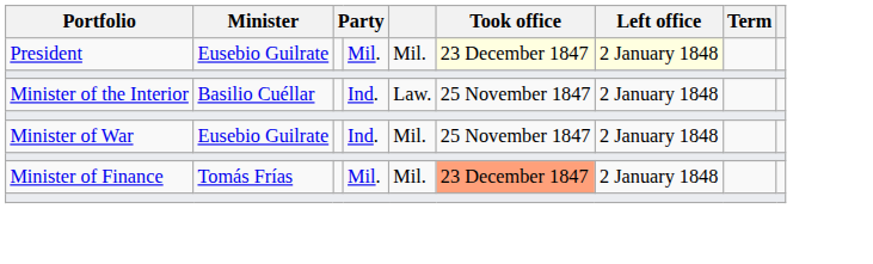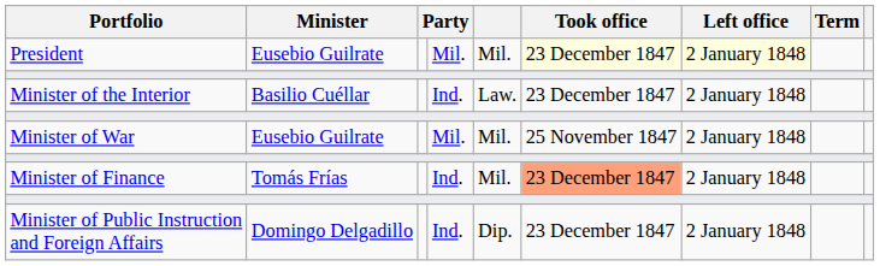 <table class="wikitable" style="font-size: 90%;">
 <tr>
 <th>Portfolio</th>
 <th>Minister</th>
 <th colspan="2">Party</th>
 <th></th>
 <th>Took office</th>
 <th>Left office</th>
 <th>Term</th>
 <th></th>
 </tr>
 <tr>
 <td><a href='#'>President</a></td>
 <td><a href='#'>Eusebio Guilrate</a></td>
 <td style="background-color:"></td>
 <td><a href='#'>Mil</a>.</td>
 <td>Mil.</td>
 <td style="background-color:#FFFFE0;">23 December 1847</td>
 <td style="background-color:#FFFFE0;">2 January 1848</td>
 <td></td>
 <td></td>
 </tr>
 <tr>
 <td colspan="9" bgcolor="#EAECF0"></td>
 </tr>
 <tr>
 <td><a href='#'>Minister of the Interior</a></td>
 <td><a href='#'>Basilio Cuéllar</a></td>
 <td style="background-color:"></td>
 <td><a href='#'>Ind</a>.</td>
 <td>Law.</td>
-<td>25 November 1847</td>
+<td>23 December 1847</td>
 <td>2 January 1848</td>
 <td></td>
 <td></td>
 </tr>
 <tr>
 <td colspan="9" bgcolor="#EAECF0"></td>
 </tr>
 <tr>
 <td><a href='#'>Minister of War</a></td>
 <td><a href='#'>Eusebio Guilrate</a></td>
 <td style="background-color:"></td>
-<td><a href='#'>Ind</a>.</td>
+<td><a href='#'>Mil</a>.</td>
 <td>Mil.</td>
 <td>25 November 1847</td>
 <td>2 January 1848</td>
 <td></td>
 <td></td>
 </tr>
 <tr>
 <td colspan="9" bgcolor="#EAECF0"></td>
 </tr>
 <tr>
 <td><a href='#'>Minister of Finance</a></td>
 <td><a href='#'>Tomás Frías</a></td>
 <td style="background-color:"></td>
-<td><a href='#'>Mil</a>.</td>
+<td><a href='#'>Ind</a>.</td>
 <td>Mil.</td>
 <td style="background: lightsalmon;">23 December 1847</td>
 <td>2 January 1848</td>
 <td></td>
 <td></td>
 </tr>
 <tr>
 <td colspan="9" bgcolor="#EAECF0"></td>
 </tr>
+<tr>
+<td><a href='#'>Minister of Public Instruction<br>and Foreign Affairs</a></td>
+<td><a href='#'>Domingo Delgadillo</a></td>
+<td style="background-color:"></td>
+<td><a href='#'>Ind</a>.</td>
+<td>Dip.</td>
+<td>23 December 1847</td>
+<td>2 January 1848</td>
+<td></td>
+<td></td>
+</tr>
 </table>
